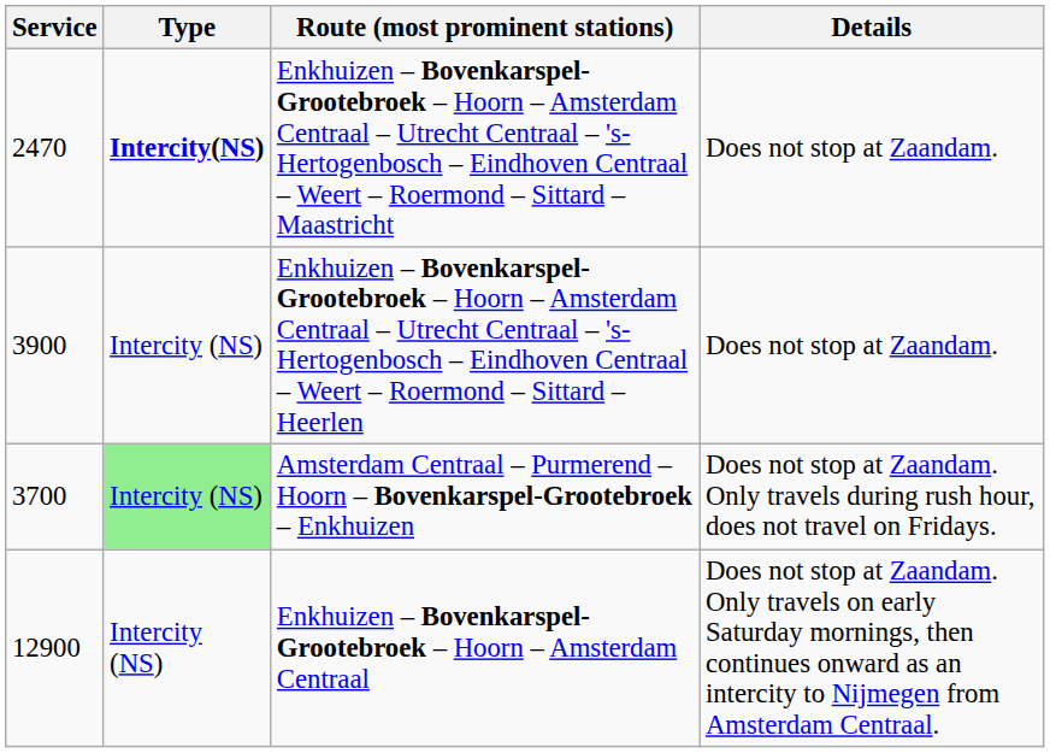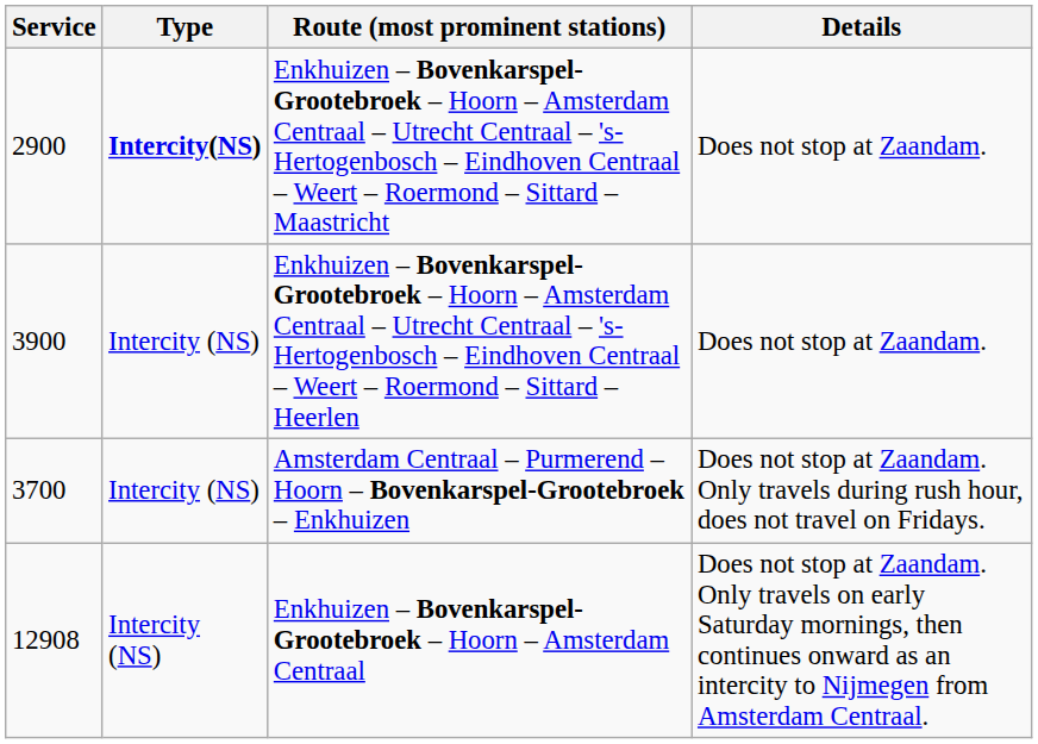 <table class="wikitable">
 <tr>
 <th>Service</th>
 <th>Type</th>
 <th>Route (most prominent stations)</th>
 <th>Details</th>
 </tr>
 <tr>
-<td>2470</td>
+<td>2900</td>
 <td><strong><a href='#'>Intercity</a>(<a href='#'>NS</a>)</strong></td>
 <td><a href='#'>Enkhuizen</a> – <strong>Bovenkarspel-Grootebroek</strong> – <a href='#'>Hoorn</a> – <a href='#'>Amsterdam Centraal</a> – <a href='#'>Utrecht Centraal</a> – <a href='#'>'s-Hertogenbosch</a> – <a href='#'>Eindhoven Centraal</a> – <a href='#'>Weert</a> – <a href='#'>Roermond</a> – <a href='#'>Sittard</a> – <a href='#'>Maastricht</a></td>
 <td>Does not stop at <a href='#'>Zaandam</a>.</td>
 </tr>
 <tr>
 <td>3900</td>
 <td><a href='#'>Intercity</a> (<a href='#'>NS</a>)</td>
 <td><a href='#'>Enkhuizen</a> – <strong>Bovenkarspel-Grootebroek</strong> – <a href='#'>Hoorn</a> – <a href='#'>Amsterdam Centraal</a> – <a href='#'>Utrecht Centraal</a> – <a href='#'>'s-Hertogenbosch</a> – <a href='#'>Eindhoven Centraal</a> – <a href='#'>Weert</a> – <a href='#'>Roermond</a> – <a href='#'>Sittard</a> – <a href='#'>Heerlen</a></td>
 <td>Does not stop at <a href='#'>Zaandam</a>.</td>
 </tr>
 <tr>
 <td>3700</td>
-<td style="background: lightgreen;"><a href='#'>Intercity</a> (<a href='#'>NS</a>)</td>
+<td><a href='#'>Intercity</a> (<a href='#'>NS</a>)</td>
 <td><a href='#'>Amsterdam Centraal</a> – <a href='#'>Purmerend</a> – <a href='#'>Hoorn</a> – <strong>Bovenkarspel-Grootebroek</strong> – <a href='#'>Enkhuizen</a></td>
 <td>Does not stop at <a href='#'>Zaandam</a>.<br>Only travels during rush hour, does not travel on Fridays.</td>
 </tr>
 <tr>
-<td>12900</td>
+<td>12908</td>
 <td><a href='#'>Intercity</a><br>(<a href='#'>NS</a>)</td>
 <td><a href='#'>Enkhuizen</a> – <strong>Bovenkarspel-Grootebroek</strong> – <a href='#'>Hoorn</a> – <a href='#'>Amsterdam Centraal</a></td>
 <td>Does not stop at <a href='#'>Zaandam</a>. Only travels on early Saturday mornings, then continues onward as an intercity to <a href='#'>Nijmegen</a> from <a href='#'>Amsterdam Centraal</a>.</td>
 </tr>
 </table>
